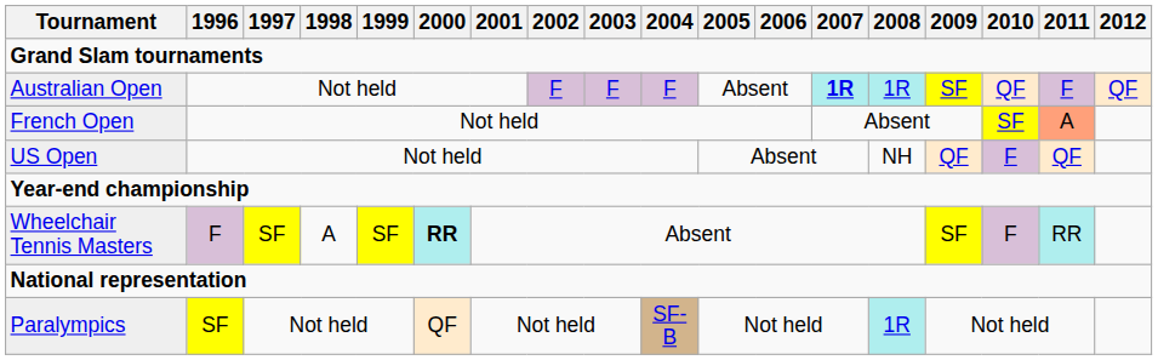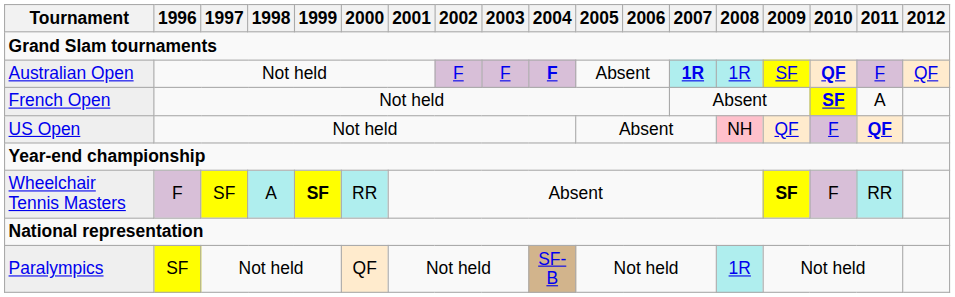 <table class="wikitable">
 <tr>
 <th>Tournament</th>
 <th>1996</th>
 <th>1997</th>
 <th>1998</th>
 <th>1999</th>
 <th>2000</th>
 <th>2001</th>
 <th>2002</th>
 <th>2003</th>
 <th>2004</th>
 <th>2005</th>
 <th>2006</th>
 <th>2007</th>
 <th>2008</th>
 <th>2009</th>
 <th>2010</th>
 <th>2011</th>
 <th>2012</th>
 </tr>
 <tr>
 <td colspan="18"><strong>Grand Slam tournaments</strong></td>
 </tr>
 <tr>
 <td style="background:#efefef;"><a href='#'>Australian Open</a></td>
 <td colspan="6" style="text-align:center;">Not held</td>
 <td style="background:#D8BFD8;" align="center"><a href='#'>F</a></td>
 <td style="background:#D8BFD8;" align="center"><a href='#'>F</a></td>
-<td style="background:#D8BFD8;" align="center"><a href='#'>F</a></td>
+<td style="background:#D8BFD8;" align="center"><strong><a href='#'>F</a></strong></td>
 <td colspan="2" align="center">Absent</td>
 <td style="background:#afeeee;" align="center"><strong><a href='#'>1R</a></strong></td>
 <td style="background:#afeeee;" align="center"><a href='#'>1R</a></td>
 <td style="background:yellow;" align="center"><a href='#'>SF</a></td>
-<td style="background:#ffebcd;" align="center"><a href='#'>QF</a></td>
+<td style="background:#ffebcd;" align="center"><strong><a href='#'>QF</a></strong></td>
 <td style="background:#D8BFD8;" align="center"><a href='#'>F</a></td>
 <td style="background:#ffebcd;" align="center"><a href='#'>QF</a></td>
 </tr>
 <tr>
 <td style="background:#efefef; text-align:left;"><a href='#'>French Open</a></td>
 <td colspan="11" style="text-align:center;">Not held</td>
 <td colspan="3" align="center">Absent</td>
-<td style="background:yellow;" align="center"><a href='#'>SF</a></td>
-<td align="center" style="background: lightsalmon;">A</td>
+<td style="background:yellow;" align="center"><strong><a href='#'>SF</a></strong></td>
+<td align="center">A</td>
 <td align="center"></td>
 </tr>
 <tr>
 <td style="background:#efefef; text-align:left;"><a href='#'>US Open</a></td>
 <td colspan="9" style="text-align:center;">Not held</td>
 <td colspan="3" align="center">Absent</td>
-<td align="center">NH</td>
+<td align="center" style="background: pink;">NH</td>
 <td style="background:#ffebcd;" align="center"><a href='#'>QF</a></td>
 <td style="background:#D8BFD8;" align="center"><a href='#'>F</a></td>
-<td style="background:#ffebcd;" align="center"><a href='#'>QF</a></td>
+<td style="background:#ffebcd;" align="center"><strong><a href='#'>QF</a></strong></td>
 <td align="center"></td>
 </tr>
 <tr>
 <td colspan="18"><strong>Year-end championship</strong></td>
 </tr>
 <tr>
 <td style="background:#efefef;"><a href='#'>Wheelchair Tennis Masters</a></td>
 <td style="background:#D8BFD8;" align="center">F</td>
 <td style="background:yellow;" align="center">SF</td>
-<td style="text-align:center;">A</td>
-<td style="background:yellow;" align="center">SF</td>
-<td style="background:#afeeee; text-align:center;"><strong>RR</strong></td>
+<td style="background: paleturquoise; text-align:center;">A</td>
+<td style="background:yellow;" align="center"><strong>SF</strong></td>
+<td style="background:#afeeee; text-align:center;">RR</td>
 <td colspan="8" style="text-align:center;">Absent</td>
-<td style="background:yellow;" align="center">SF</td>
+<td style="background:yellow;" align="center"><strong>SF</strong></td>
 <td style="background:#D8BFD8;" align="center">F</td>
 <td style="background:#afeeee; text-align:center;">RR</td>
 <td style="text-align:center;"></td>
 </tr>
 <tr>
 <td colspan="18"><strong>National representation</strong></td>
 </tr>
 <tr>
 <td style="background:#efefef;"><a href='#'>Paralympics</a></td>
 <td style="background:yellow; text-align:center;">SF</td>
 <td colspan="3" style="text-align:center;">Not held</td>
 <td style="background:#ffebcd; text-align:center;">QF</td>
 <td colspan="3" style="text-align:center;">Not held</td>
 <td style="text-align:center; background:tan;"><a href='#'>SF-B</a></td>
 <td colspan="3" style="text-align:center;">Not held</td>
 <td style="background:#afeeee; text-align:center;"><a href='#'>1R</a></td>
 <td colspan="3" style="text-align:center;">Not held</td>
 <td style="text-align:center;"></td>
 </tr>
 </table>
